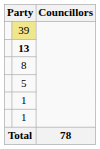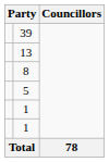 <table class="wikitable">
 <tr>
 <th colspan=2>Party</th>
 <th>Councillors</th>
 </tr>
 <tr>
 <td></td>
-<td align=center style="background: khaki;">39</td>
+<td align=center>39</td>
 </tr>
 <tr>
 <td></td>
-<td align=center><strong>13</strong></td>
+<td align=center>13</td>
 </tr>
 <tr>
 <td></td>
 <td align=center>8</td>
 </tr>
 <tr>
 <td></td>
 <td align=center>5</td>
 </tr>
 <tr>
 <td></td>
 <td align=center>1</td>
 </tr>
 <tr>
 <td></td>
 <td align="center">1</td>
 </tr>
 <tr>
 <th colspan="2">Total</th>
 <th>78</th>
 </tr>
 </table>
